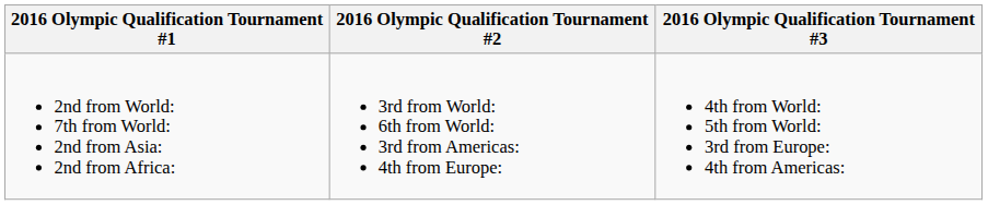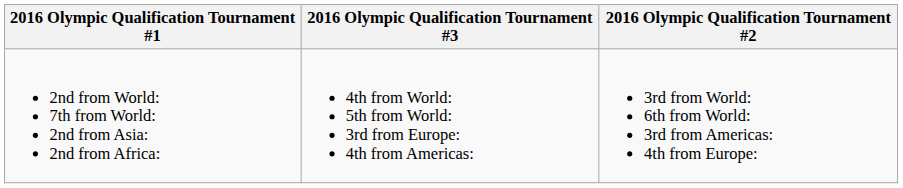 <table class="wikitable">
 <tr>
 <th width=310>2016 Olympic Qualification Tournament #1</th>
+<th width=310>2016 Olympic Qualification Tournament #3</th>
 <th width=310>2016 Olympic Qualification Tournament #2</th>
-<th width=310>2016 Olympic Qualification Tournament #3</th>
 </tr>
 <tr style="vertical-align: top;">
 <td><br><ul><li>2nd from World: </li><li>7th from World: </li><li>2nd from Asia: </li><li>2nd from Africa: </li></ul></td>
+<td><br><ul><li>4th from World: </li><li>5th from World: </li><li>3rd from Europe: </li><li>4th from Americas: </li></ul></td>
 <td><br><ul><li>3rd from World: </li><li>6th from World: </li><li>3rd from Americas: </li><li>4th from Europe: </li></ul></td>
-<td><br><ul><li>4th from World: </li><li>5th from World: </li><li>3rd from Europe: </li><li>4th from Americas: </li></ul></td>
 </tr>
 </table>
